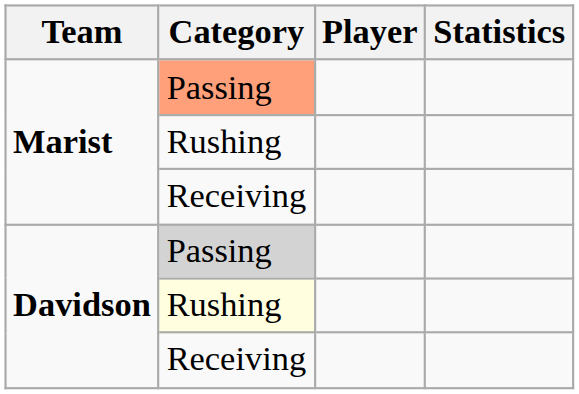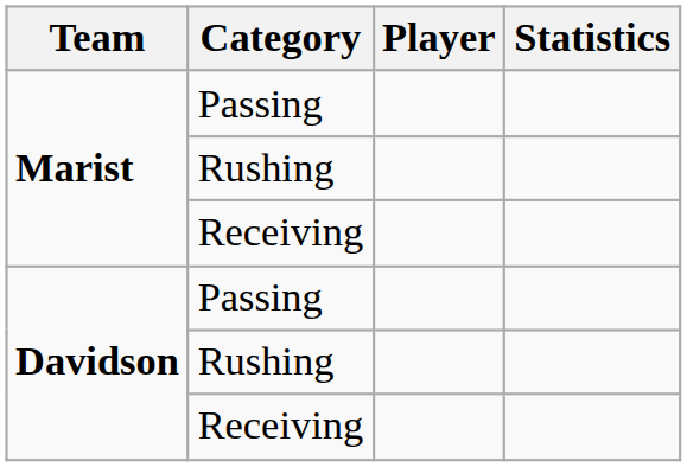 <table class="wikitable" style="float: right;">
 <tr>
 <th>Team</th>
 <th>Category</th>
 <th>Player</th>
 <th>Statistics</th>
 </tr>
 <tr>
 <td rowspan=3><strong>Marist</strong></td>
-<td style="background: lightsalmon;">Passing</td>
+<td>Passing</td>
 <td></td>
 <td></td>
 </tr>
 <tr>
 <td>Rushing</td>
 <td></td>
 <td></td>
 </tr>
 <tr>
 <td>Receiving</td>
 <td></td>
 <td></td>
 </tr>
 <tr>
 <td rowspan=3><strong>Davidson</strong></td>
-<td style="background: lightgrey;">Passing</td>
+<td>Passing</td>
 <td></td>
 <td></td>
 </tr>
 <tr>
-<td style="background: lightyellow;">Rushing</td>
+<td>Rushing</td>
 <td></td>
 <td></td>
 </tr>
 <tr>
 <td>Receiving</td>
 <td></td>
 <td></td>
 </tr>
 </table>
